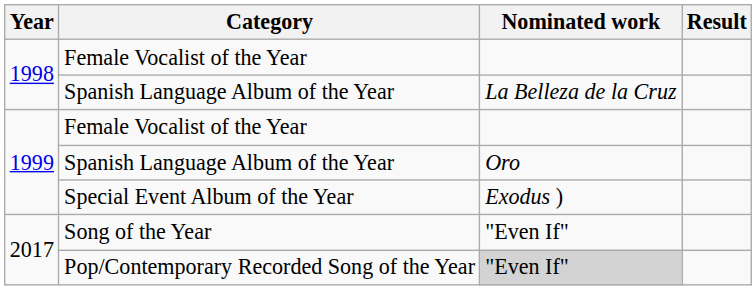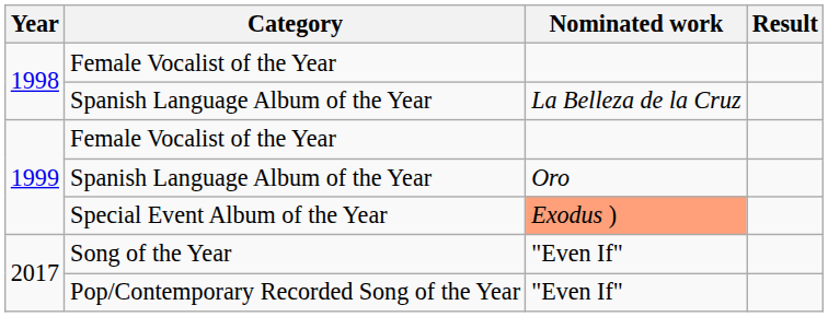 <table class="wikitable">
 <tr>
 <th>Year</th>
 <th>Category</th>
 <th>Nominated work</th>
 <th>Result</th>
 </tr>
 <tr>
 <td rowspan="2"><a href='#'>1998</a></td>
 <td>Female Vocalist of the Year</td>
 <td></td>
 <td></td>
 </tr>
 <tr>
 <td>Spanish Language Album of the Year</td>
 <td><em>La Belleza de la Cruz</em></td>
 <td></td>
 </tr>
 <tr>
 <td rowspan="3"><a href='#'>1999</a></td>
 <td>Female Vocalist of the Year</td>
 <td></td>
 <td></td>
 </tr>
 <tr>
 <td>Spanish Language Album of the Year</td>
 <td><em>Oro</em> </td>
 <td></td>
 </tr>
 <tr>
 <td>Special Event Album of the Year</td>
-<td><em>Exodus</em> )</td>
+<td style="background: lightsalmon;"><em>Exodus</em> )</td>
 <td></td>
 </tr>
 <tr>
 <td rowspan="2">2017</td>
 <td>Song of the Year</td>
 <td>"Even If" </td>
 <td></td>
 </tr>
 <tr>
 <td>Pop/Contemporary Recorded Song of the Year</td>
-<td style="background: lightgrey;">"Even If"</td>
+<td>"Even If"</td>
 <td></td>
 </tr>
 </table>
